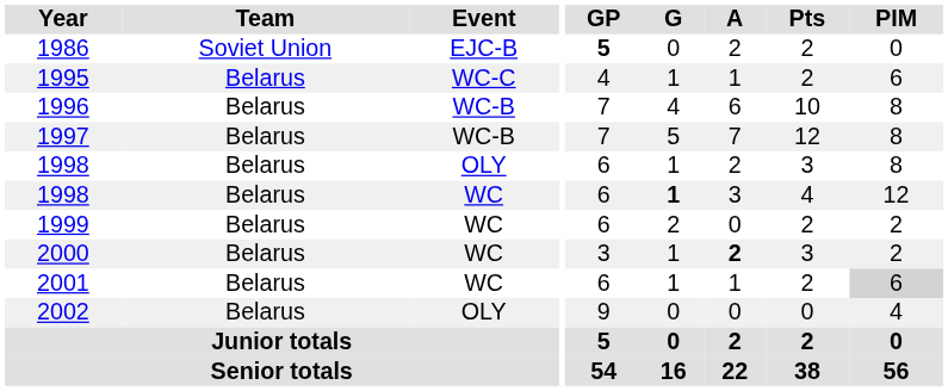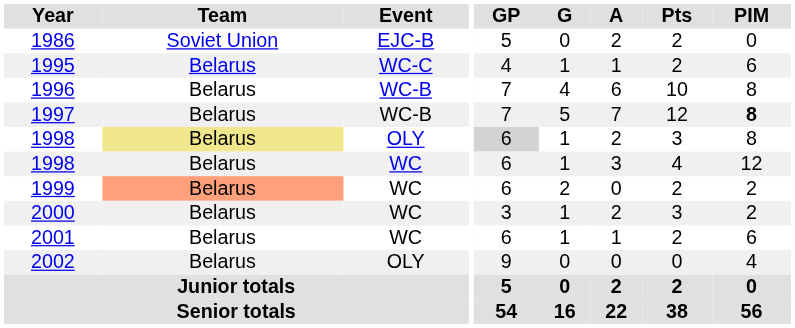 <table border="0" cellpadding="1" cellspacing="0" ID="Table3" style="text-align:center; width:40em">
 <tr bgcolor="#e0e0e0">
 <th>Year</th>
 <th>Team</th>
 <th>Event</th>
 <th rowspan="102" bgcolor="#ffffff"></th>
 <th>GP</th>
 <th>G</th>
 <th>A</th>
 <th>Pts</th>
 <th>PIM</th>
 </tr>
 <tr>
 <td><a href='#'>1986</a></td>
 <td><a href='#'>Soviet Union</a></td>
 <td><a href='#'>EJC-B</a></td>
-<td><strong>5</strong></td>
+<td>5</td>
 <td>0</td>
 <td>2</td>
 <td>2</td>
 <td>0</td>
 </tr>
 <tr bgcolor="#f0f0f0">
 <td><a href='#'>1995</a></td>
 <td><a href='#'>Belarus</a></td>
 <td><a href='#'>WC-C</a></td>
 <td>4</td>
 <td>1</td>
 <td>1</td>
 <td>2</td>
 <td>6</td>
 </tr>
 <tr>
 <td><a href='#'>1996</a></td>
 <td>Belarus</td>
 <td><a href='#'>WC-B</a></td>
 <td>7</td>
 <td>4</td>
 <td>6</td>
 <td>10</td>
 <td>8</td>
 </tr>
 <tr bgcolor="#f0f0f0">
 <td><a href='#'>1997</a></td>
 <td>Belarus</td>
 <td>WC-B</td>
 <td>7</td>
 <td>5</td>
 <td>7</td>
 <td>12</td>
-<td>8</td>
+<td><strong>8</strong></td>
 </tr>
 <tr>
 <td><a href='#'>1998</a></td>
-<td>Belarus</td>
+<td style="background: khaki;">Belarus</td>
 <td><a href='#'>OLY</a></td>
-<td>6</td>
+<td style="background: lightgrey;">6</td>
 <td>1</td>
 <td>2</td>
 <td>3</td>
 <td>8</td>
 </tr>
 <tr bgcolor="#f0f0f0">
 <td><a href='#'>1998</a></td>
 <td>Belarus</td>
 <td><a href='#'>WC</a></td>
 <td>6</td>
-<td><strong>1</strong></td>
+<td>1</td>
 <td>3</td>
 <td>4</td>
 <td>12</td>
 </tr>
 <tr>
 <td><a href='#'>1999</a></td>
-<td>Belarus</td>
+<td style="background: lightsalmon;">Belarus</td>
 <td>WC</td>
 <td>6</td>
 <td>2</td>
 <td>0</td>
 <td>2</td>
 <td>2</td>
 </tr>
 <tr bgcolor="#f0f0f0">
 <td><a href='#'>2000</a></td>
 <td>Belarus</td>
 <td>WC</td>
 <td>3</td>
 <td>1</td>
-<td><strong>2</strong></td>
+<td>2</td>
 <td>3</td>
 <td>2</td>
 </tr>
 <tr>
 <td><a href='#'>2001</a></td>
 <td>Belarus</td>
 <td>WC</td>
 <td>6</td>
 <td>1</td>
 <td>1</td>
 <td>2</td>
-<td style="background: lightgrey;">6</td>
+<td>6</td>
 </tr>
 <tr bgcolor="#f0f0f0">
 <td><a href='#'>2002</a></td>
 <td>Belarus</td>
 <td>OLY</td>
 <td>9</td>
 <td>0</td>
 <td>0</td>
 <td>0</td>
 <td>4</td>
 </tr>
 <tr bgcolor="#e0e0e0">
 <th colspan="3">Junior totals</th>
 <th>5</th>
 <th>0</th>
 <th>2</th>
 <th>2</th>
 <th>0</th>
 </tr>
 <tr bgcolor="#e0e0e0">
 <th colspan="3">Senior totals</th>
 <th>54</th>
 <th>16</th>
 <th>22</th>
 <th>38</th>
 <th>56</th>
 </tr>
 </table>
